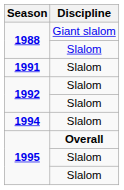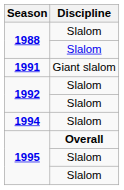 <table class=wikitable style="text-align:center">
 <tr>
 <th>Season</th>
 <th>Discipline</th>
 </tr>
 <tr>
 <td rowspan=2><strong><a href='#'>1988</a></strong></td>
-<td><a href='#'>Giant slalom</a></td>
+<td>Slalom</td>
 </tr>
 <tr>
 <td><a href='#'>Slalom</a></td>
 </tr>
 <tr>
 <td rowspan=1><strong><a href='#'>1991</a></strong></td>
-<td>Slalom</td>
+<td>Giant slalom</td>
 </tr>
 <tr>
 <td rowspan=2 align=center><strong><a href='#'>1992</a></strong></td>
 <td>Slalom</td>
 </tr>
 <tr>
 <td>Slalom</td>
 </tr>
 <tr>
 <td rowspan=1><strong><a href='#'>1994</a></strong></td>
 <td>Slalom</td>
 </tr>
 <tr>
 <td rowspan=3><strong><a href='#'>1995</a></strong></td>
 <td><strong>Overall</strong></td>
 </tr>
 <tr>
 <td>Slalom</td>
 </tr>
 <tr>
 <td>Slalom</td>
 </tr>
 </table>
